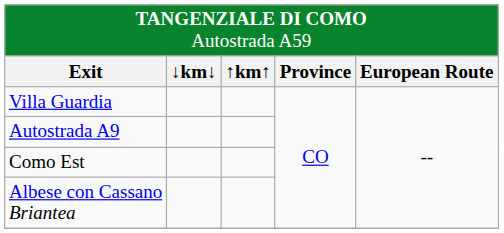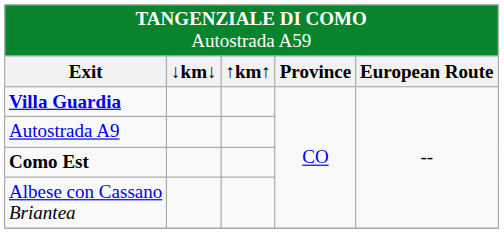 <table class="wikitable">
 <tr align="center" bgcolor="08842C" style="color: white;">
 <td colspan="5"><strong> TANGENZIALE DI COMO</strong><br>Autostrada A59</td>
 </tr>
 <tr>
 <th style="text-align:center;"><strong>Exit</strong></th>
 <th style="text-align:center;"><strong>↓km↓</strong></th>
 <th style="text-align:center;"><strong>↑km↑</strong></th>
 <th align="center"><strong>Province</strong></th>
 <th align="center"><strong>European Route</strong></th>
 </tr>
 <tr>
-<td> <a href='#'>Villa Guardia</a></td>
+<td><strong> <a href='#'>Villa Guardia</a></strong></td>
 <td align="right"></td>
 <td align="right"></td>
 <td rowspan="4" align="center"><a href='#'>CO</a></td>
 <td rowspan="4" align="center">--</td>
 </tr>
 <tr>
 <td>    <a href='#'>Autostrada A9</a></td>
 <td align="right"></td>
 <td align="right"></td>
 </tr>
 <tr>
-<td> Como Est</td>
+<td><strong> Como Est</strong></td>
 <td align="right"></td>
 <td align="right"></td>
 </tr>
 <tr>
 <td>  <a href='#'>Albese con Cassano</a><br> <em> Briantea</em></td>
 <td align="right"></td>
 <td align="right"></td>
 </tr>
 <tr>
 </tr>
 </table>
